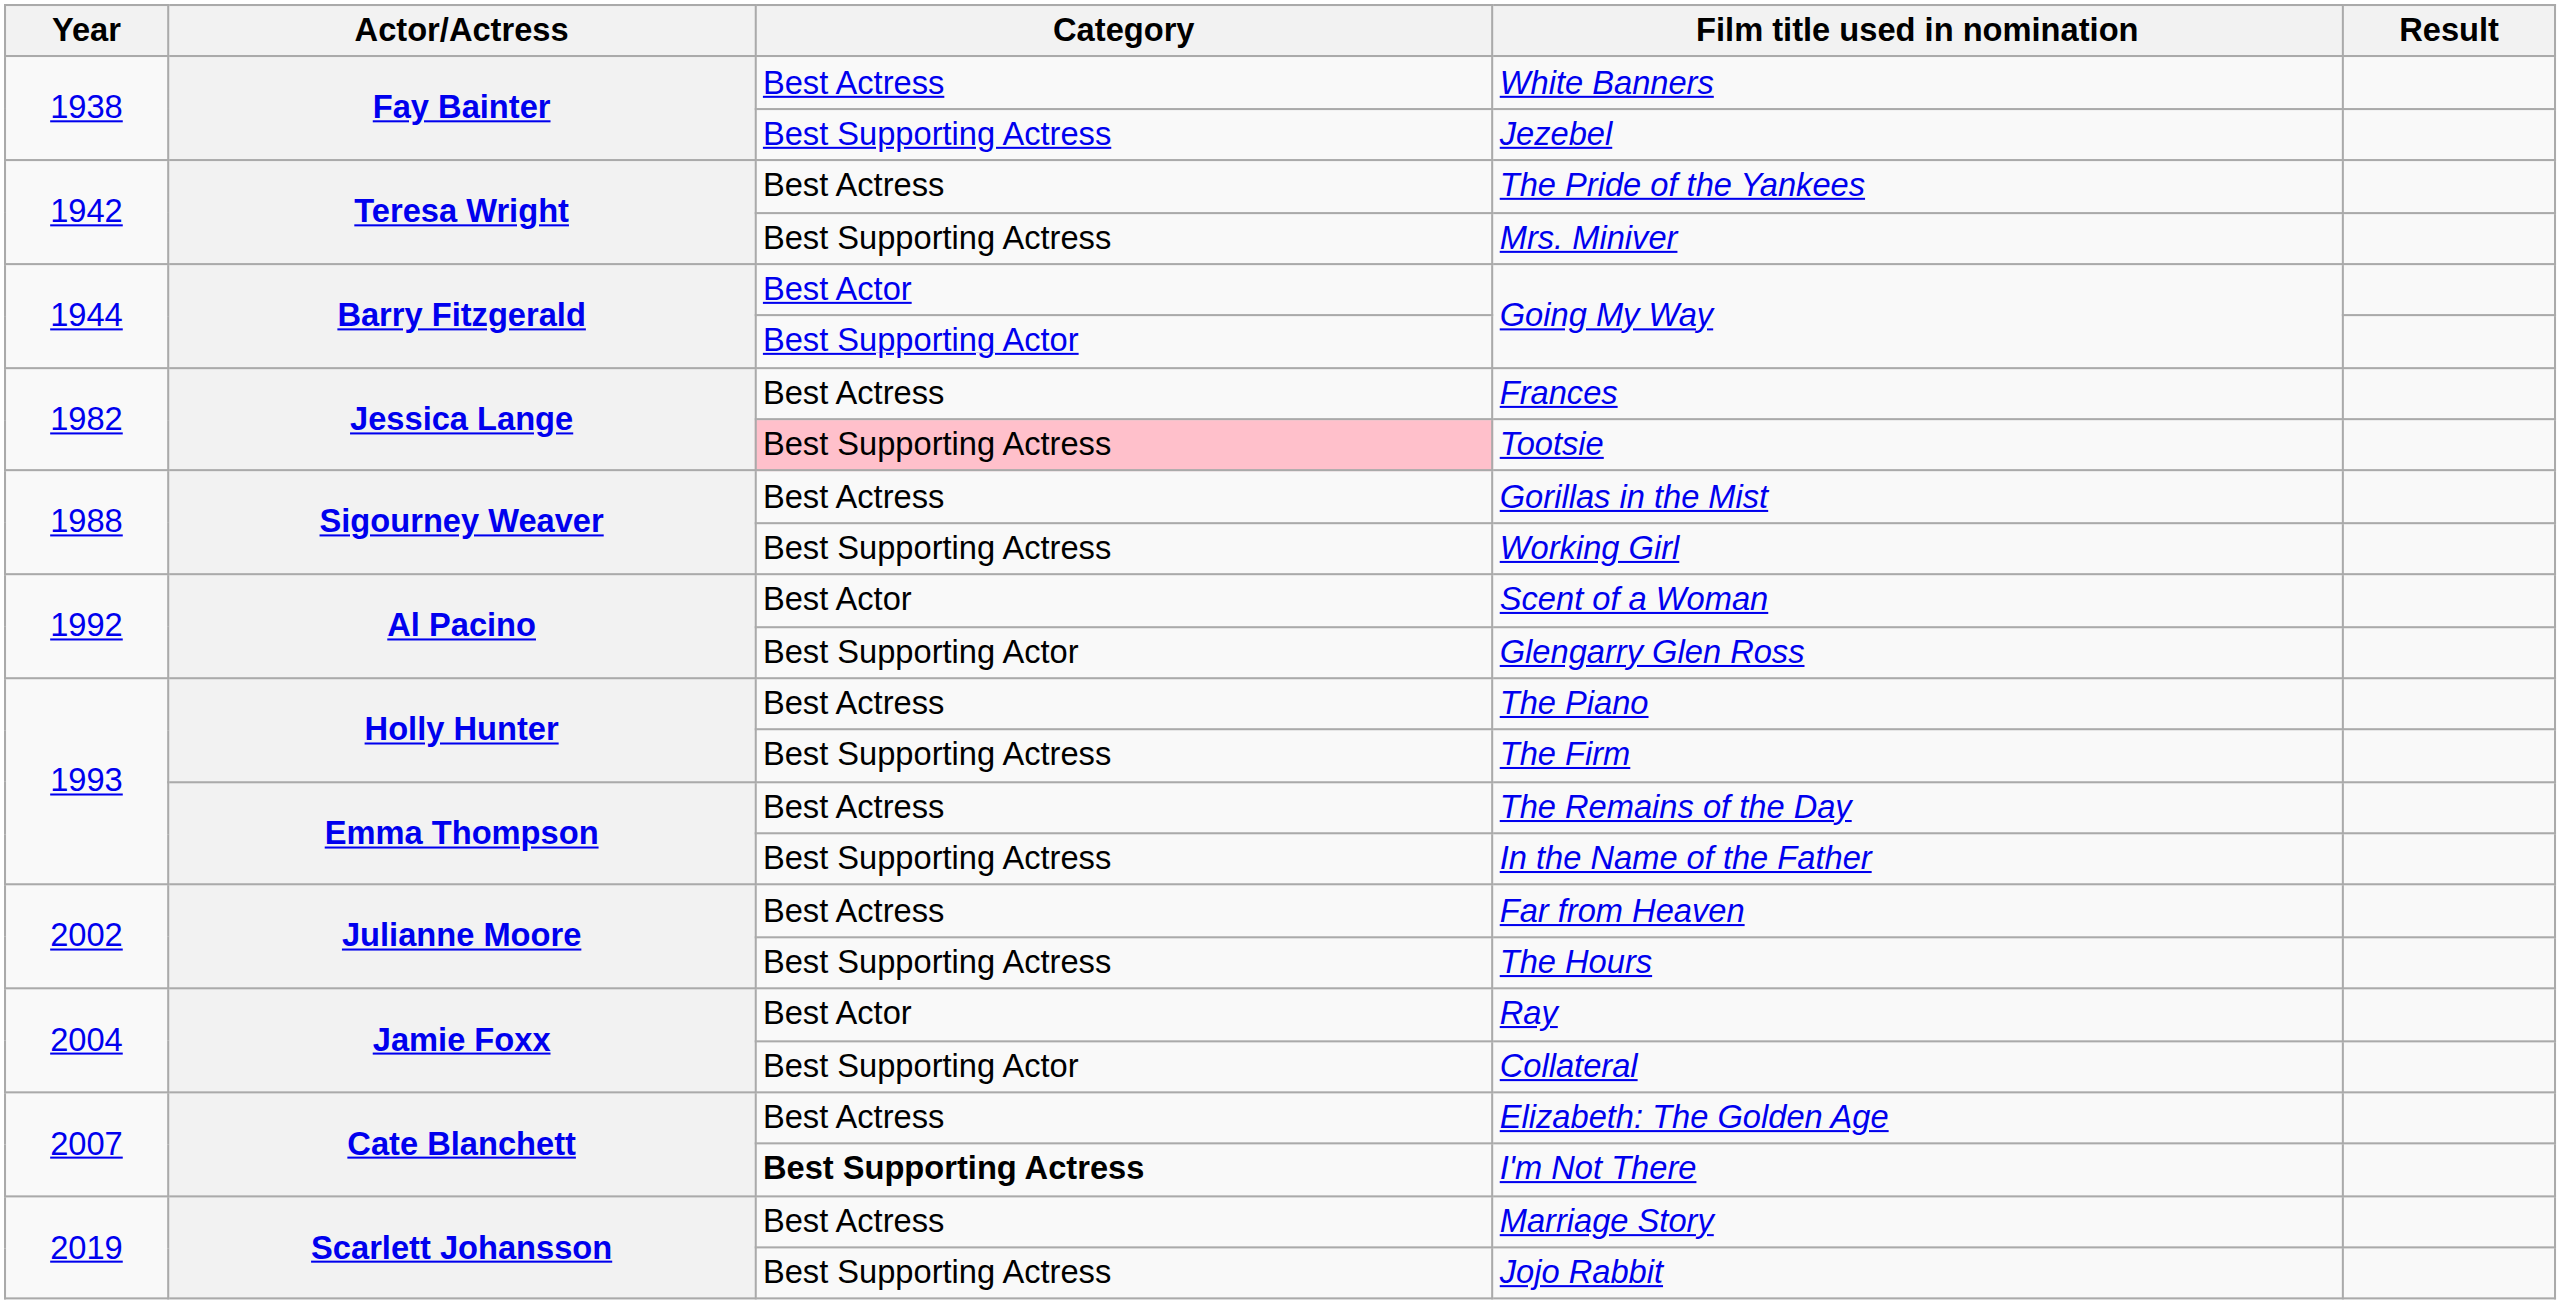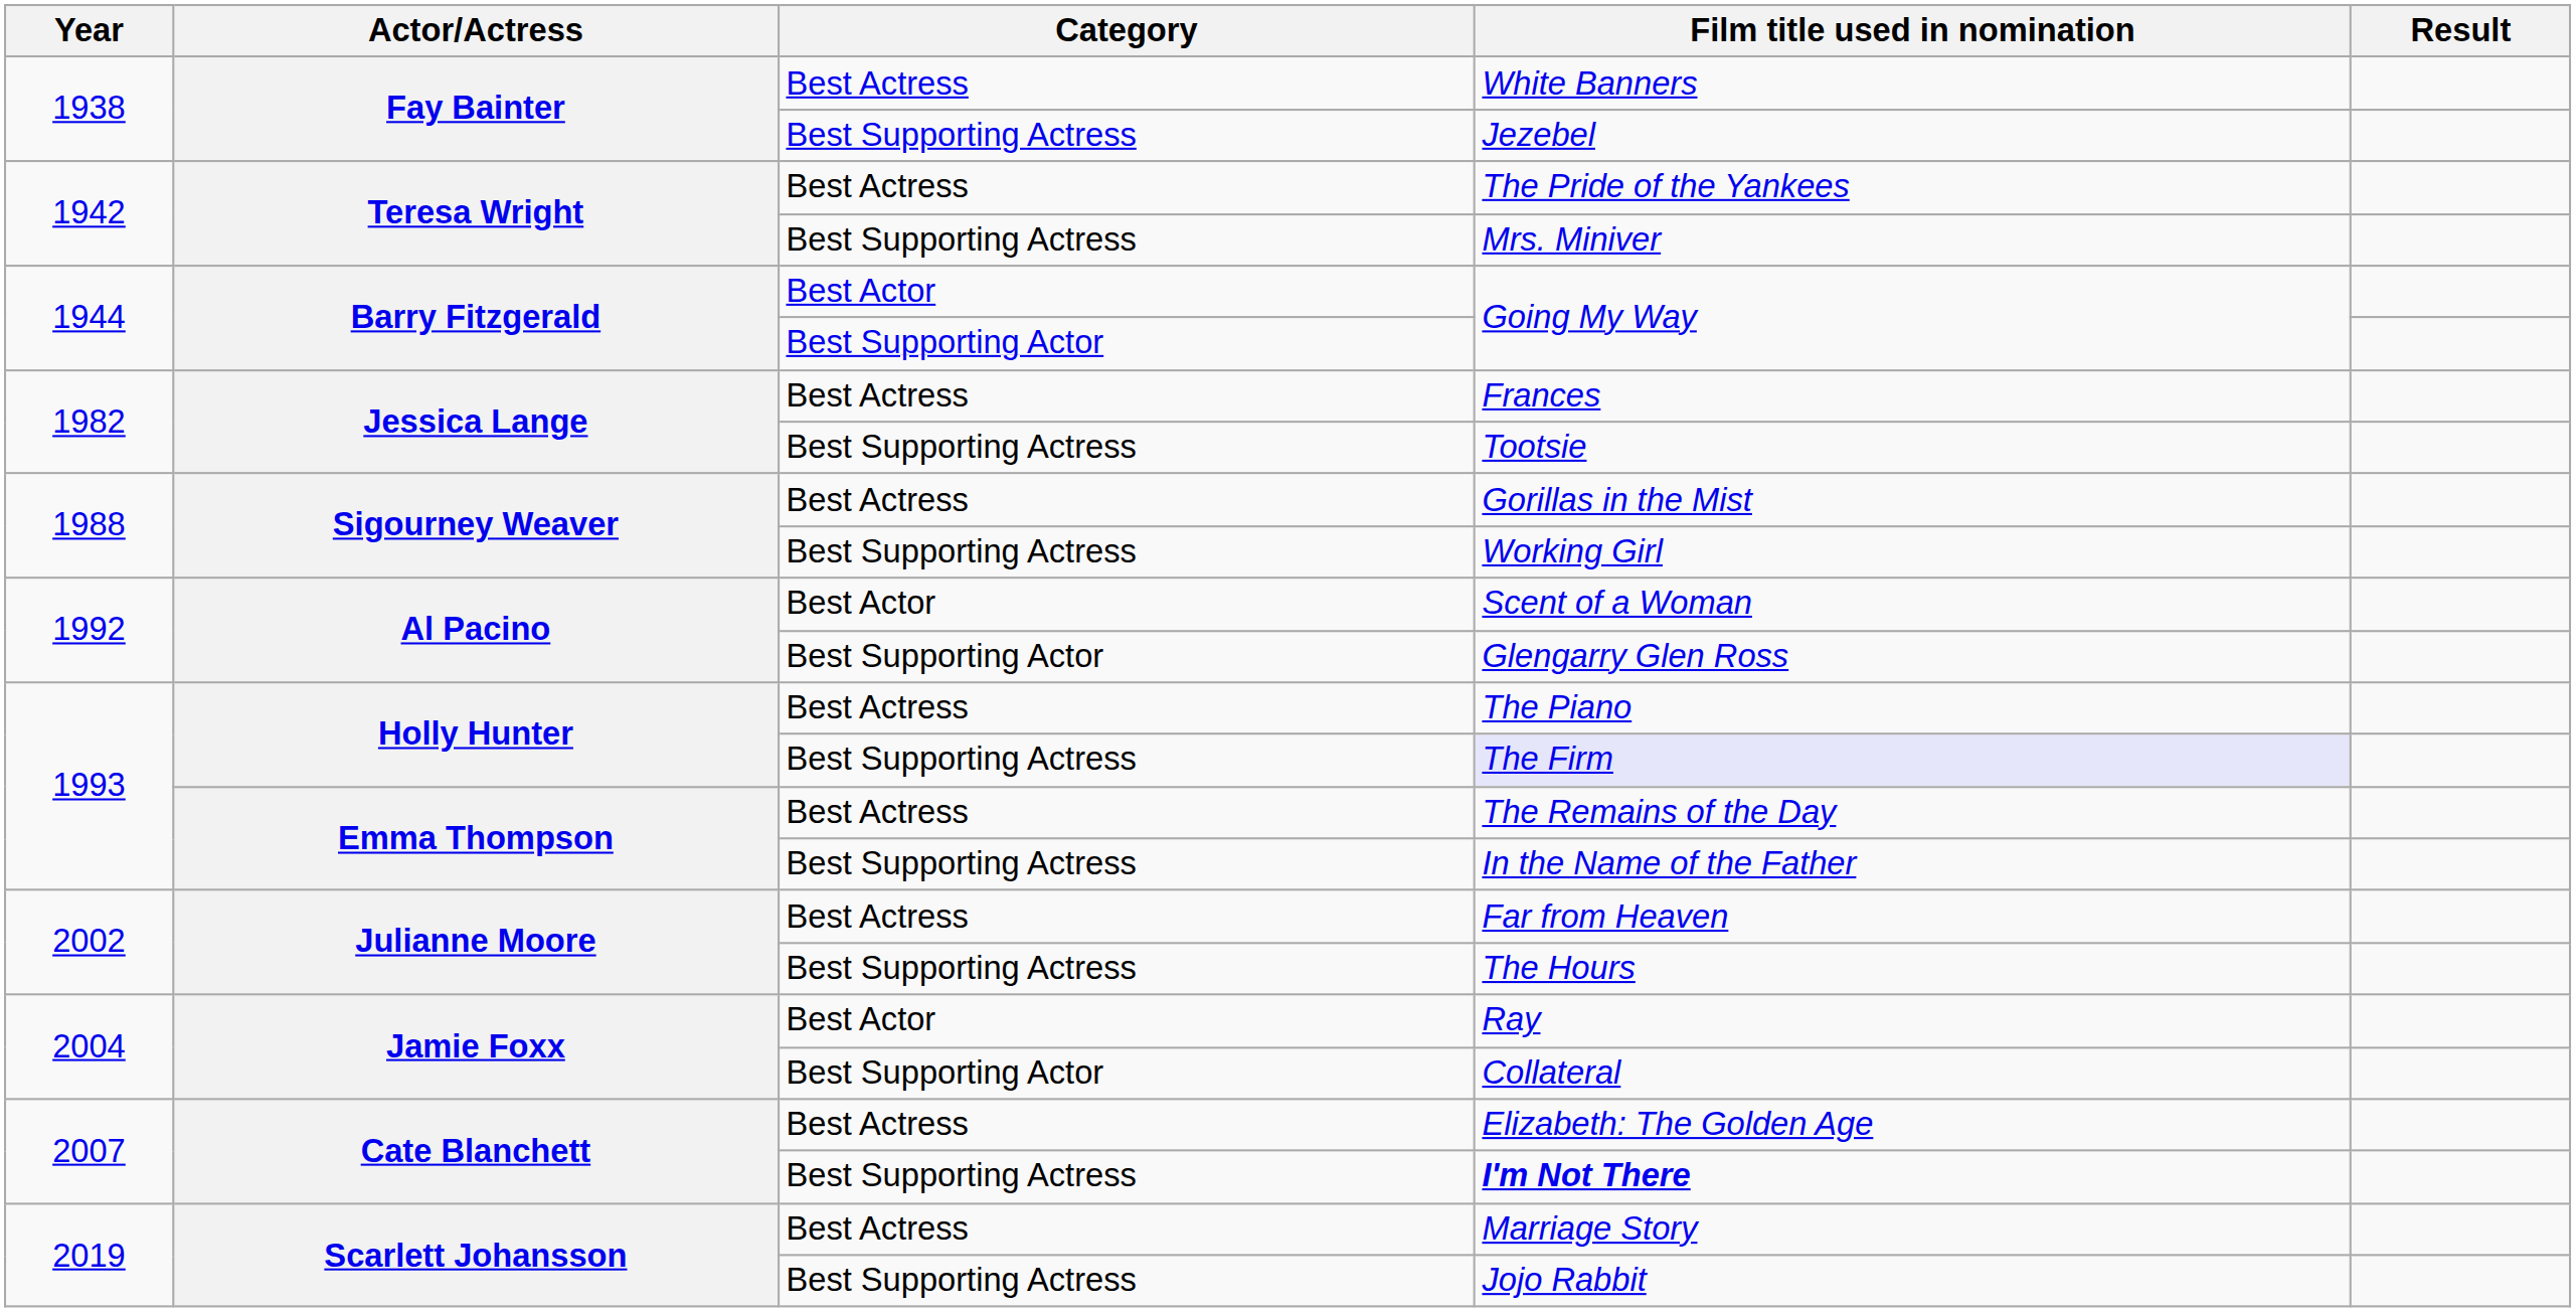 <table class="wikitable plainrowheaders" style="width:99%;">
 <tr>
 <th scope="col">Year<br></th>
 <th scope="col">Actor/Actress</th>
 <th scope="col">Category</th>
 <th scope="col">Film title used in nomination</th>
 <th scope="col">Result</th>
 </tr>
 <tr>
 <td style="text-align: center;" rowspan="2"><a href='#'>1938</a><br></td>
 <th scope="row" rowspan="2"><a href='#'>Fay Bainter</a></th>
 <td><a href='#'>Best Actress</a></td>
 <td><em><a href='#'>White Banners</a></em></td>
 <td></td>
 </tr>
 <tr>
 <td><a href='#'>Best Supporting Actress</a></td>
 <td><em><a href='#'>Jezebel</a></em></td>
 <td></td>
 </tr>
 <tr>
 <td style="text-align: center;" rowspan="2"><a href='#'>1942</a><br></td>
 <th scope="row" rowspan="2"><a href='#'>Teresa Wright</a></th>
 <td>Best Actress</td>
 <td><em><a href='#'>The Pride of the Yankees</a></em></td>
 <td></td>
 </tr>
 <tr>
 <td>Best Supporting Actress</td>
 <td><em><a href='#'>Mrs. Miniver</a></em></td>
 <td></td>
 </tr>
 <tr>
 <td style="text-align: center;" rowspan="2"><a href='#'>1944</a><br></td>
 <th scope="row" rowspan="2"><a href='#'>Barry Fitzgerald</a></th>
 <td><a href='#'>Best Actor</a></td>
 <td rowspan="2"><em><a href='#'>Going My Way</a></em></td>
 <td></td>
 </tr>
 <tr>
 <td><a href='#'>Best Supporting Actor</a></td>
 <td></td>
 </tr>
 <tr>
 <td style="text-align: center;" rowspan="2"><a href='#'>1982</a><br></td>
 <th scope="row" rowspan="2"><a href='#'>Jessica Lange</a></th>
 <td>Best Actress</td>
 <td><em><a href='#'>Frances</a></em></td>
 <td></td>
 </tr>
 <tr>
-<td style="background: pink;">Best Supporting Actress</td>
+<td>Best Supporting Actress</td>
 <td><em><a href='#'>Tootsie</a></em></td>
 <td></td>
 </tr>
 <tr>
 <td style="text-align: center;" rowspan="2"><a href='#'>1988</a><br></td>
 <th scope="row" rowspan="2"><a href='#'>Sigourney Weaver</a></th>
 <td>Best Actress</td>
 <td><em><a href='#'>Gorillas in the Mist</a></em></td>
 <td></td>
 </tr>
 <tr>
 <td>Best Supporting Actress</td>
 <td><em><a href='#'>Working Girl</a></em></td>
 <td></td>
 </tr>
 <tr>
 <td style="text-align: center;" rowspan="2"><a href='#'>1992</a><br></td>
 <th scope="row" rowspan="2"><a href='#'>Al Pacino</a></th>
 <td>Best Actor</td>
 <td><em><a href='#'>Scent of a Woman</a></em></td>
 <td></td>
 </tr>
 <tr>
 <td>Best Supporting Actor</td>
 <td><em><a href='#'>Glengarry Glen Ross</a></em></td>
 <td></td>
 </tr>
 <tr>
 <td style="text-align: center;" rowspan="4"><a href='#'>1993</a><br></td>
 <th scope="row" rowspan="2"><a href='#'>Holly Hunter</a></th>
 <td>Best Actress</td>
 <td><em><a href='#'>The Piano</a></em></td>
 <td></td>
 </tr>
 <tr>
 <td>Best Supporting Actress</td>
-<td><em><a href='#'>The Firm</a></em></td>
+<td style="background: lavender;"><em><a href='#'>The Firm</a></em></td>
 <td></td>
 </tr>
 <tr>
 <th scope="row" rowspan="2"><a href='#'>Emma Thompson</a></th>
 <td>Best Actress</td>
 <td><em><a href='#'>The Remains of the Day</a></em></td>
 <td></td>
 </tr>
 <tr>
 <td>Best Supporting Actress</td>
 <td><em><a href='#'>In the Name of the Father</a></em></td>
 <td></td>
 </tr>
 <tr>
 <td style="text-align: center;" rowspan="2"><a href='#'>2002</a><br></td>
 <th scope="row" rowspan="2"><a href='#'>Julianne Moore</a></th>
 <td>Best Actress</td>
 <td><em><a href='#'>Far from Heaven</a></em></td>
 <td></td>
 </tr>
 <tr>
 <td>Best Supporting Actress</td>
 <td><em><a href='#'>The Hours</a></em></td>
 <td></td>
 </tr>
 <tr>
 <td style="text-align: center;" rowspan="2"><a href='#'>2004</a><br></td>
 <th scope="row" rowspan="2"><a href='#'>Jamie Foxx</a></th>
 <td>Best Actor</td>
 <td><em><a href='#'>Ray</a></em></td>
 <td></td>
 </tr>
 <tr>
 <td>Best Supporting Actor</td>
 <td><em><a href='#'>Collateral</a></em></td>
 <td></td>
 </tr>
 <tr>
 <td style="text-align: center;" rowspan="2"><a href='#'>2007</a><br></td>
 <th scope="row" rowspan="2"><a href='#'>Cate Blanchett</a></th>
 <td>Best Actress</td>
 <td><em><a href='#'>Elizabeth: The Golden Age</a></em></td>
 <td></td>
 </tr>
 <tr>
-<td><strong>Best Supporting Actress</strong></td>
-<td><em><a href='#'>I'm Not There</a></em></td>
+<td>Best Supporting Actress</td>
+<td><strong><em><a href='#'>I'm Not There</a></em></strong></td>
 <td></td>
 </tr>
 <tr>
 <td style="text-align: center;" rowspan="2"><a href='#'>2019</a><br></td>
 <th scope="row" rowspan="2"><a href='#'>Scarlett Johansson</a></th>
 <td>Best Actress</td>
 <td><em><a href='#'>Marriage Story</a></em></td>
 <td></td>
 </tr>
 <tr>
 <td>Best Supporting Actress</td>
 <td><em><a href='#'>Jojo Rabbit</a></em></td>
 <td></td>
 </tr>
 </table>
